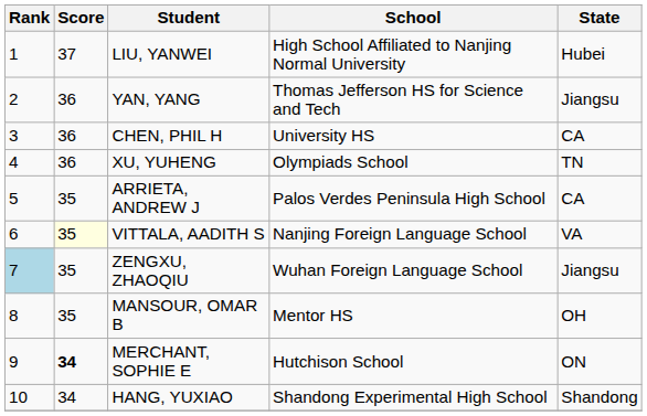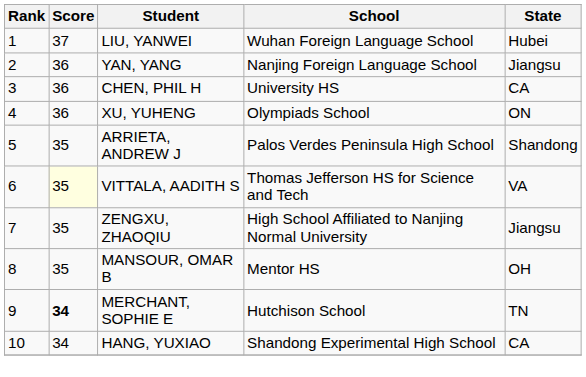 <table class="wikitable">
 <tr>
 <th>Rank</th>
 <th>Score</th>
 <th>Student</th>
 <th>School</th>
 <th>State</th>
 </tr>
 <tr>
 <td>1</td>
 <td>37</td>
 <td>LIU, YANWEI</td>
-<td>High School Affiliated to Nanjing Normal University</td>
+<td>Wuhan Foreign Language School</td>
 <td>Hubei</td>
 </tr>
 <tr>
 <td>2</td>
 <td>36</td>
 <td>YAN, YANG</td>
-<td>Thomas Jefferson HS for Science and Tech</td>
+<td>Nanjing Foreign Language School</td>
 <td>Jiangsu</td>
 </tr>
 <tr>
 <td>3</td>
 <td>36</td>
 <td>CHEN, PHIL H</td>
 <td>University HS</td>
 <td>CA</td>
 </tr>
 <tr>
 <td>4</td>
 <td>36</td>
 <td>XU, YUHENG</td>
 <td>Olympiads School</td>
-<td>TN</td>
+<td>ON</td>
 </tr>
 <tr>
 <td>5</td>
 <td>35</td>
 <td>ARRIETA, ANDREW J</td>
 <td>Palos Verdes Peninsula High School</td>
-<td>CA</td>
+<td>Shandong</td>
 </tr>
 <tr>
 <td>6</td>
 <td style="background: lightyellow;">35</td>
 <td>VITTALA, AADITH S</td>
-<td>Nanjing Foreign Language School</td>
+<td>Thomas Jefferson HS for Science and Tech</td>
 <td>VA</td>
 </tr>
 <tr>
-<td style="background: lightblue;">7</td>
+<td>7</td>
 <td>35</td>
 <td>ZENGXU, ZHAOQIU</td>
-<td>Wuhan Foreign Language School</td>
+<td>High School Affiliated to Nanjing Normal University</td>
 <td>Jiangsu</td>
 </tr>
 <tr>
 <td>8</td>
 <td>35</td>
 <td>MANSOUR, OMAR B</td>
 <td>Mentor HS</td>
 <td>OH</td>
 </tr>
 <tr>
 <td>9</td>
 <td><strong>34</strong></td>
 <td>MERCHANT, SOPHIE E</td>
 <td>Hutchison School</td>
-<td>ON</td>
+<td>TN</td>
 </tr>
 <tr>
 <td>10</td>
 <td>34</td>
 <td>HANG, YUXIAO</td>
 <td>Shandong Experimental High School</td>
-<td>Shandong</td>
+<td>CA</td>
 </tr>
 <tr>
 </tr>
 </table>
